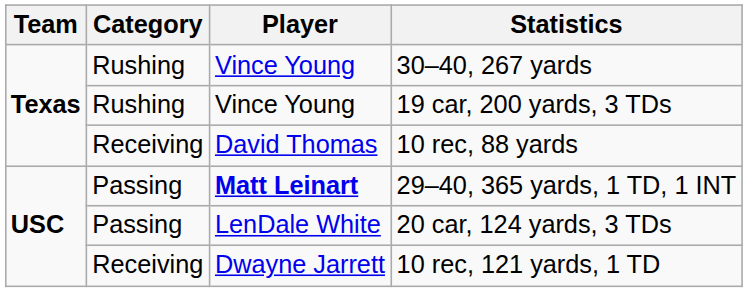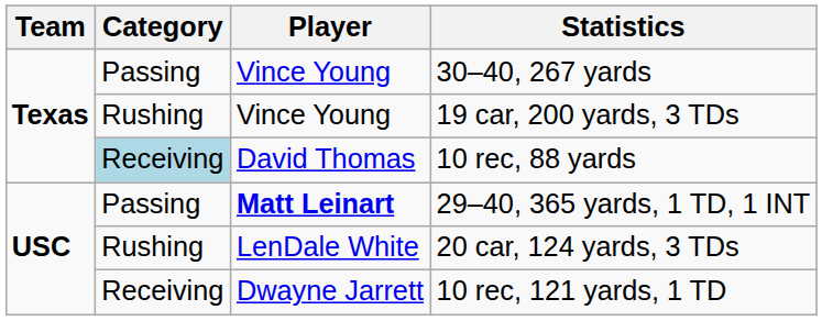 <table class="wikitable" style="float: right;">
 <tr>
 <th>Team</th>
 <th>Category</th>
 <th>Player</th>
 <th>Statistics</th>
 </tr>
 <tr>
 <td rowspan=3><strong>Texas</strong></td>
-<td>Rushing</td>
+<td>Passing</td>
 <td><a href='#'>Vince Young</a></td>
 <td>30–40, 267 yards</td>
 </tr>
 <tr>
 <td>Rushing</td>
 <td>Vince Young</td>
 <td>19 car, 200 yards, 3 TDs</td>
 </tr>
 <tr>
-<td>Receiving</td>
+<td style="background: lightblue;">Receiving</td>
 <td><a href='#'>David Thomas</a></td>
 <td>10 rec, 88 yards</td>
 </tr>
 <tr>
 <td rowspan=3><strong>USC</strong></td>
 <td>Passing</td>
 <td><strong><a href='#'>Matt Leinart</a></strong></td>
 <td>29–40, 365 yards, 1 TD, 1 INT</td>
 </tr>
 <tr>
-<td>Passing</td>
+<td>Rushing</td>
 <td><a href='#'>LenDale White</a></td>
 <td>20 car, 124 yards, 3 TDs</td>
 </tr>
 <tr>
 <td>Receiving</td>
 <td><a href='#'>Dwayne Jarrett</a></td>
 <td>10 rec, 121 yards, 1 TD</td>
 </tr>
 </table>
